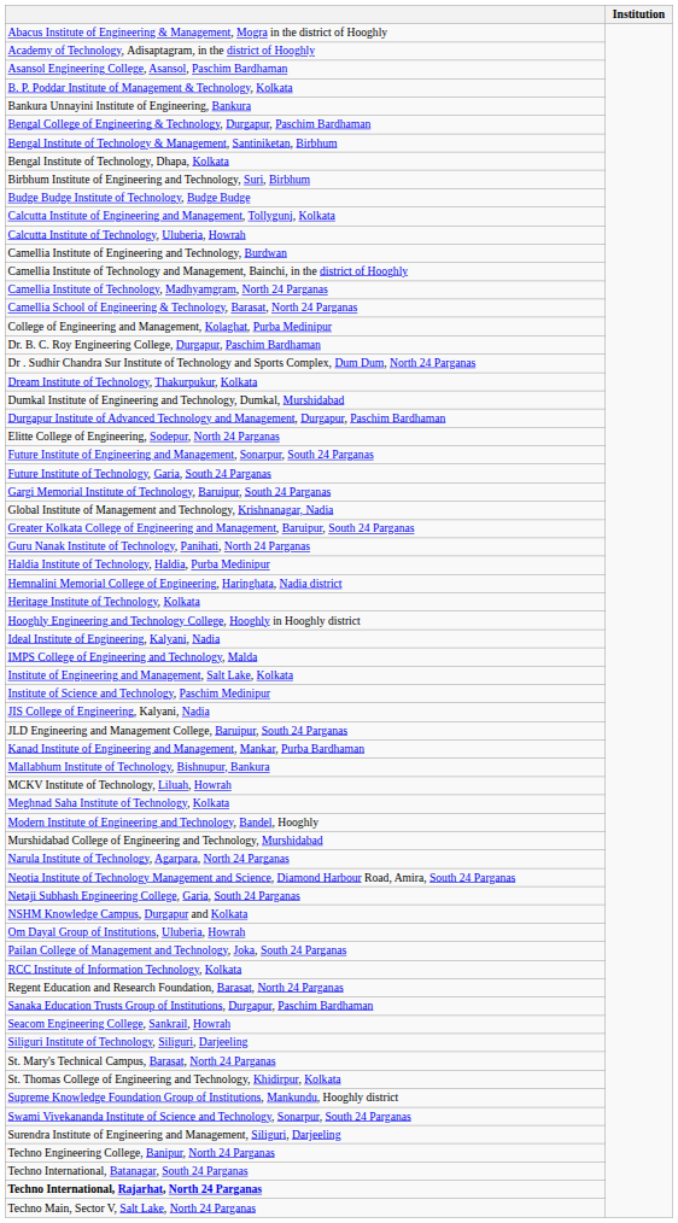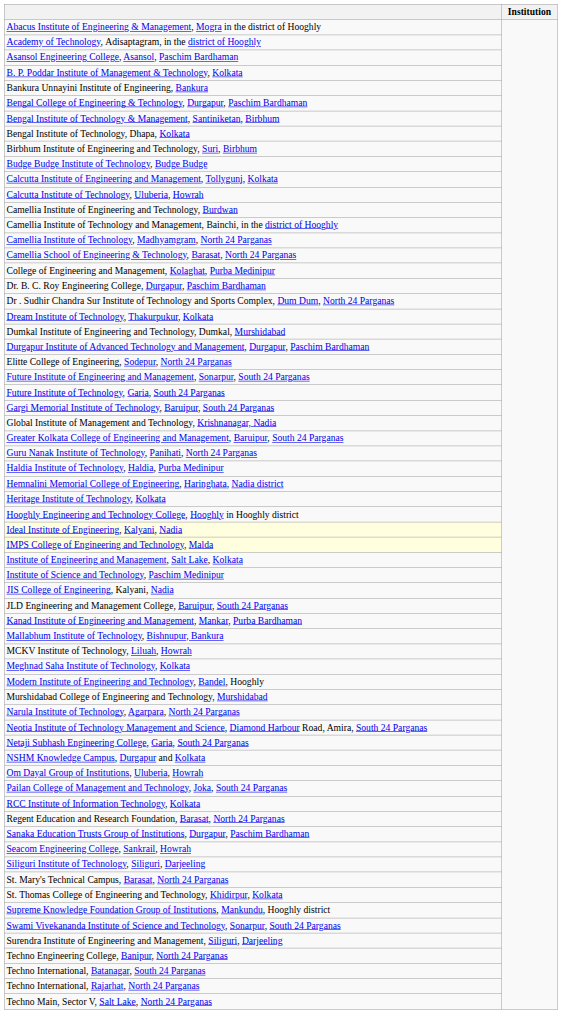 <table class="wikitable sortable sticky-header collapsible plainrowheaders" style="-align:left; width:73%;">
 <tr>
 <th></th>
 <th>Institution</th>
 </tr>
 <tr>
 <td><a href='#'>Abacus Institute of Engineering & Management</a>, <a href='#'>Mogra</a> in the district of Hooghly</td>
 </tr>
 <tr>
 <td><a href='#'>Academy of Technology</a>, Adisaptagram, in the <a href='#'>district of Hooghly</a></td>
 </tr>
 <tr>
 <td><a href='#'>Asansol Engineering College</a>, <a href='#'>Asansol</a>, <a href='#'>Paschim Bardhaman</a></td>
 </tr>
 <tr>
 <td><a href='#'>B. P. Poddar Institute of Management & Technology</a>, <a href='#'>Kolkata</a></td>
 </tr>
 <tr>
 <td>Bankura Unnayini Institute of Engineering, <a href='#'>Bankura</a></td>
 </tr>
 <tr>
 <td><a href='#'>Bengal College of Engineering & Technology</a>, <a href='#'>Durgapur</a>, <a href='#'>Paschim Bardhaman</a></td>
 </tr>
 <tr>
 <td><a href='#'>Bengal Institute of Technology & Management</a>, <a href='#'>Santiniketan</a>, <a href='#'>Birbhum</a></td>
 </tr>
 <tr>
 <td>Bengal Institute of Technology, Dhapa, <a href='#'>Kolkata</a></td>
 </tr>
 <tr>
 <td>Birbhum Institute of Engineering and Technology, <a href='#'>Suri</a>, <a href='#'>Birbhum</a></td>
 </tr>
 <tr>
 <td><a href='#'>Budge Budge Institute of Technology</a>, <a href='#'>Budge Budge</a></td>
 </tr>
 <tr>
 <td><a href='#'>Calcutta Institute of Engineering and Management</a>, <a href='#'>Tollygunj</a>, <a href='#'>Kolkata</a></td>
 </tr>
 <tr>
 <td><a href='#'>Calcutta Institute of Technology</a>, <a href='#'>Uluberia</a>, <a href='#'>Howrah</a></td>
 </tr>
 <tr>
 <td>Camellia Institute of Engineering and Technology, <a href='#'>Burdwan</a></td>
 </tr>
 <tr>
 <td>Camellia Institute of Technology and Management, Bainchi, in the <a href='#'>district of Hooghly</a></td>
 </tr>
 <tr>
 <td><a href='#'>Camellia Institute of Technology</a>, <a href='#'>Madhyamgram</a>, <a href='#'>North 24 Parganas</a></td>
 </tr>
 <tr>
 <td><a href='#'>Camellia School of Engineering & Technology</a>, <a href='#'>Barasat</a>, <a href='#'>North 24 Parganas</a></td>
 </tr>
 <tr>
 <td>College of Engineering and Management, <a href='#'>Kolaghat</a>, <a href='#'>Purba Medinipur</a></td>
 </tr>
 <tr>
 <td>Dr. B. C. Roy Engineering College, <a href='#'>Durgapur</a>, <a href='#'>Paschim Bardhaman</a></td>
 </tr>
 <tr>
 <td>Dr . Sudhir Chandra Sur Institute of Technology and Sports Complex, <a href='#'>Dum Dum</a>, <a href='#'>North 24 Parganas</a></td>
 </tr>
 <tr>
 <td><a href='#'>Dream Institute of Technology</a>, <a href='#'>Thakurpukur</a>, <a href='#'>Kolkata</a></td>
 </tr>
 <tr>
 <td>Dumkal Institute of Engineering and Technology, Dumkal, <a href='#'>Murshidabad</a></td>
 </tr>
 <tr>
 <td><a href='#'>Durgapur Institute of Advanced Technology and Management</a>, <a href='#'>Durgapur</a>, <a href='#'>Paschim Bardhaman</a></td>
 </tr>
 <tr>
 <td>Elitte College of Engineering, <a href='#'>Sodepur</a>, <a href='#'>North 24 Parganas</a></td>
 </tr>
 <tr>
 <td><a href='#'>Future Institute of Engineering and Management</a>, <a href='#'>Sonarpur</a>, <a href='#'>South 24 Parganas</a></td>
 </tr>
 <tr>
 <td><a href='#'>Future Institute of Technology</a>, <a href='#'>Garia</a>, <a href='#'>South 24 Parganas</a></td>
 </tr>
 <tr>
 <td><a href='#'>Gargi Memorial Institute of Technology</a>, <a href='#'>Baruipur</a>, <a href='#'>South 24 Parganas</a></td>
 </tr>
 <tr>
 <td>Global Institute of Management and Technology, <a href='#'>Krishnanagar, Nadia</a></td>
 </tr>
 <tr>
 <td><a href='#'>Greater Kolkata College of Engineering and Management</a>, <a href='#'>Baruipur</a>, <a href='#'>South 24 Parganas</a></td>
 </tr>
 <tr>
 <td><a href='#'>Guru Nanak Institute of Technology</a>, <a href='#'>Panihati</a>, <a href='#'>North 24 Parganas</a></td>
 </tr>
 <tr>
 <td><a href='#'>Haldia Institute of Technology</a>, <a href='#'>Haldia</a>, <a href='#'>Purba Medinipur</a></td>
 </tr>
 <tr>
 <td><a href='#'>Hemnalini Memorial College of Engineering</a>, <a href='#'>Haringhata</a>, <a href='#'>Nadia district</a></td>
 </tr>
 <tr>
 <td><a href='#'>Heritage Institute of Technology</a>, <a href='#'>Kolkata</a></td>
 </tr>
 <tr>
 <td><a href='#'>Hooghly Engineering and Technology College</a>, <a href='#'>Hooghly</a> in Hooghly district</td>
 </tr>
 <tr>
-<td><a href='#'>Ideal Institute of Engineering</a>, <a href='#'>Kalyani</a>, <a href='#'>Nadia</a></td>
+<td style="background: lightyellow;"><a href='#'>Ideal Institute of Engineering</a>, <a href='#'>Kalyani</a>, <a href='#'>Nadia</a></td>
 </tr>
 <tr>
-<td><a href='#'>IMPS College of Engineering and Technology</a>, <a href='#'>Malda</a></td>
+<td style="background: lightyellow;"><a href='#'>IMPS College of Engineering and Technology</a>, <a href='#'>Malda</a></td>
 </tr>
 <tr>
 <td><a href='#'>Institute of Engineering and Management</a>, <a href='#'>Salt Lake</a>, <a href='#'>Kolkata</a></td>
 </tr>
 <tr>
 <td><a href='#'>Institute of Science and Technology</a>, <a href='#'>Paschim Medinipur</a></td>
 </tr>
 <tr>
 <td><a href='#'>JIS College of Engineering</a>, Kalyani, <a href='#'>Nadia</a></td>
 </tr>
 <tr>
 <td>JLD Engineering and Management College, <a href='#'>Baruipur</a>, <a href='#'>South 24 Parganas</a></td>
 </tr>
 <tr>
 <td><a href='#'>Kanad Institute of Engineering and Management</a>, <a href='#'>Mankar</a>, <a href='#'>Purba Bardhaman</a></td>
 </tr>
 <tr>
 <td><a href='#'>Mallabhum Institute of Technology</a>, <a href='#'>Bishnupur, Bankura</a></td>
 </tr>
 <tr>
 <td>MCKV Institute of Technology, <a href='#'>Liluah</a>, <a href='#'>Howrah</a></td>
 </tr>
 <tr>
 <td><a href='#'>Meghnad Saha Institute of Technology</a>, <a href='#'>Kolkata</a></td>
 </tr>
 <tr>
 <td><a href='#'>Modern Institute of Engineering and Technology</a>, <a href='#'>Bandel</a>, Hooghly</td>
 </tr>
 <tr>
 <td>Murshidabad College of Engineering and Technology, <a href='#'>Murshidabad</a></td>
 </tr>
 <tr>
 <td><a href='#'>Narula Institute of Technology</a>, <a href='#'>Agarpara</a>, <a href='#'>North 24 Parganas</a></td>
 </tr>
 <tr>
 <td><a href='#'>Neotia Institute of Technology Management and Science</a>, <a href='#'>Diamond Harbour</a> Road, Amira, <a href='#'>South 24 Parganas</a></td>
 </tr>
 <tr>
 <td><a href='#'>Netaji Subhash Engineering College</a>, <a href='#'>Garia</a>, <a href='#'>South 24 Parganas</a></td>
 </tr>
 <tr>
 <td><a href='#'>NSHM Knowledge Campus</a>, <a href='#'>Durgapur</a> and <a href='#'>Kolkata</a></td>
 </tr>
 <tr>
 <td><a href='#'>Om Dayal Group of Institutions</a>, <a href='#'>Uluberia</a>, <a href='#'>Howrah</a></td>
 </tr>
 <tr>
 <td><a href='#'>Pailan College of Management and Technology</a>, <a href='#'>Joka</a>, <a href='#'>South 24 Parganas</a></td>
 </tr>
 <tr>
 <td><a href='#'>RCC Institute of Information Technology</a>, <a href='#'>Kolkata</a></td>
 </tr>
 <tr>
 <td>Regent Education and Research Foundation, <a href='#'>Barasat</a>, <a href='#'>North 24 Parganas</a></td>
 </tr>
 <tr>
 <td><a href='#'>Sanaka Education Trusts Group of Institutions</a>, <a href='#'>Durgapur</a>, <a href='#'>Paschim Bardhaman</a></td>
 </tr>
 <tr>
 <td><a href='#'>Seacom Engineering College</a>, <a href='#'>Sankrail</a>, <a href='#'>Howrah</a></td>
 </tr>
 <tr>
 <td><a href='#'>Siliguri Institute of Technology</a>, <a href='#'>Siliguri</a>, <a href='#'>Darjeeling</a></td>
 </tr>
 <tr>
 <td>St. Mary's Technical Campus, <a href='#'>Barasat</a>, <a href='#'>North 24 Parganas</a></td>
 </tr>
 <tr>
 <td>St. Thomas College of Engineering and Technology, <a href='#'>Khidirpur</a>, <a href='#'>Kolkata</a></td>
 </tr>
 <tr>
 <td><a href='#'>Supreme Knowledge Foundation Group of Institutions</a>, <a href='#'>Mankundu</a>, Hooghly district</td>
 </tr>
 <tr>
 <td><a href='#'>Swami Vivekananda Institute of Science and Technology</a>, <a href='#'>Sonarpur</a>, <a href='#'>South 24 Parganas</a></td>
 </tr>
 <tr>
 <td>Surendra Institute of Engineering and Management, <a href='#'>Siliguri</a>, <a href='#'>Darjeeling</a></td>
 </tr>
 <tr>
 <td>Techno Engineering College, <a href='#'>Banipur</a>, <a href='#'>North 24 Parganas</a></td>
 </tr>
 <tr>
 <td>Techno International, <a href='#'>Batanagar</a>, <a href='#'>South 24 Parganas</a></td>
 </tr>
 <tr>
-<td><strong>Techno International, <a href='#'>Rajarhat</a>, <a href='#'>North 24 Parganas</a></strong></td>
+<td>Techno International, <a href='#'>Rajarhat</a>, <a href='#'>North 24 Parganas</a></td>
 </tr>
 <tr>
 <td>Techno Main, Sector V, <a href='#'>Salt Lake</a>, <a href='#'>North 24 Parganas</a></td>
 </tr>
 </table>
